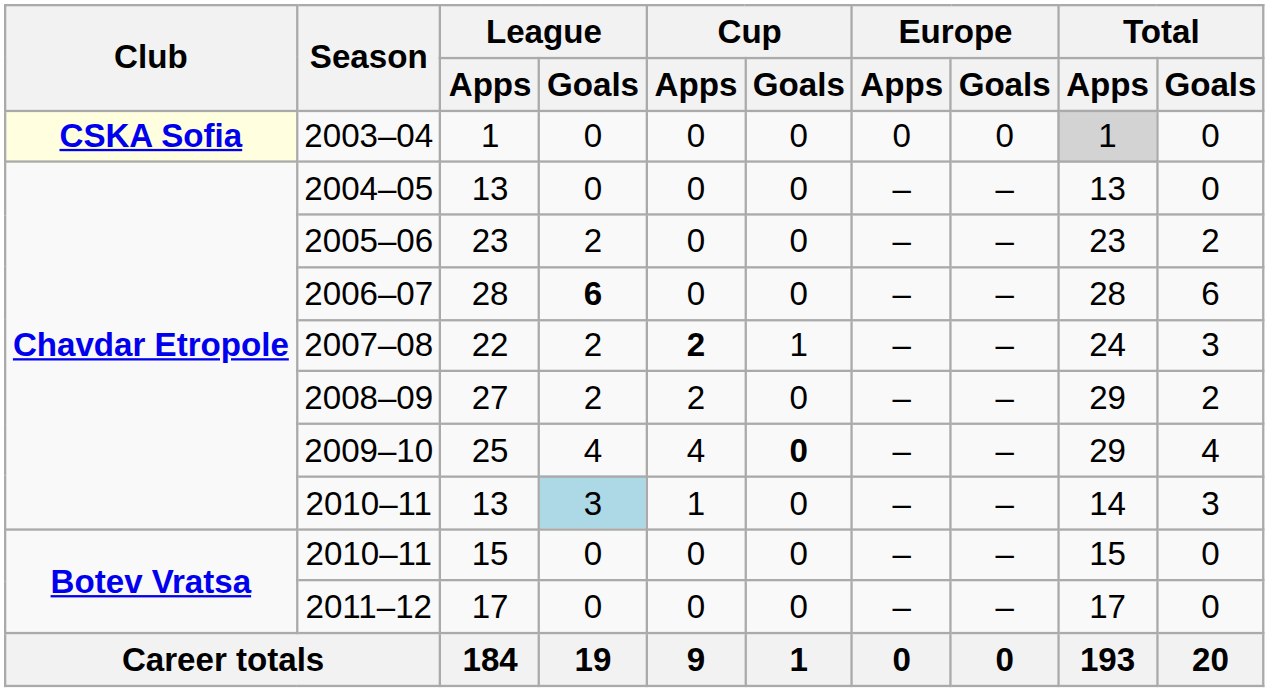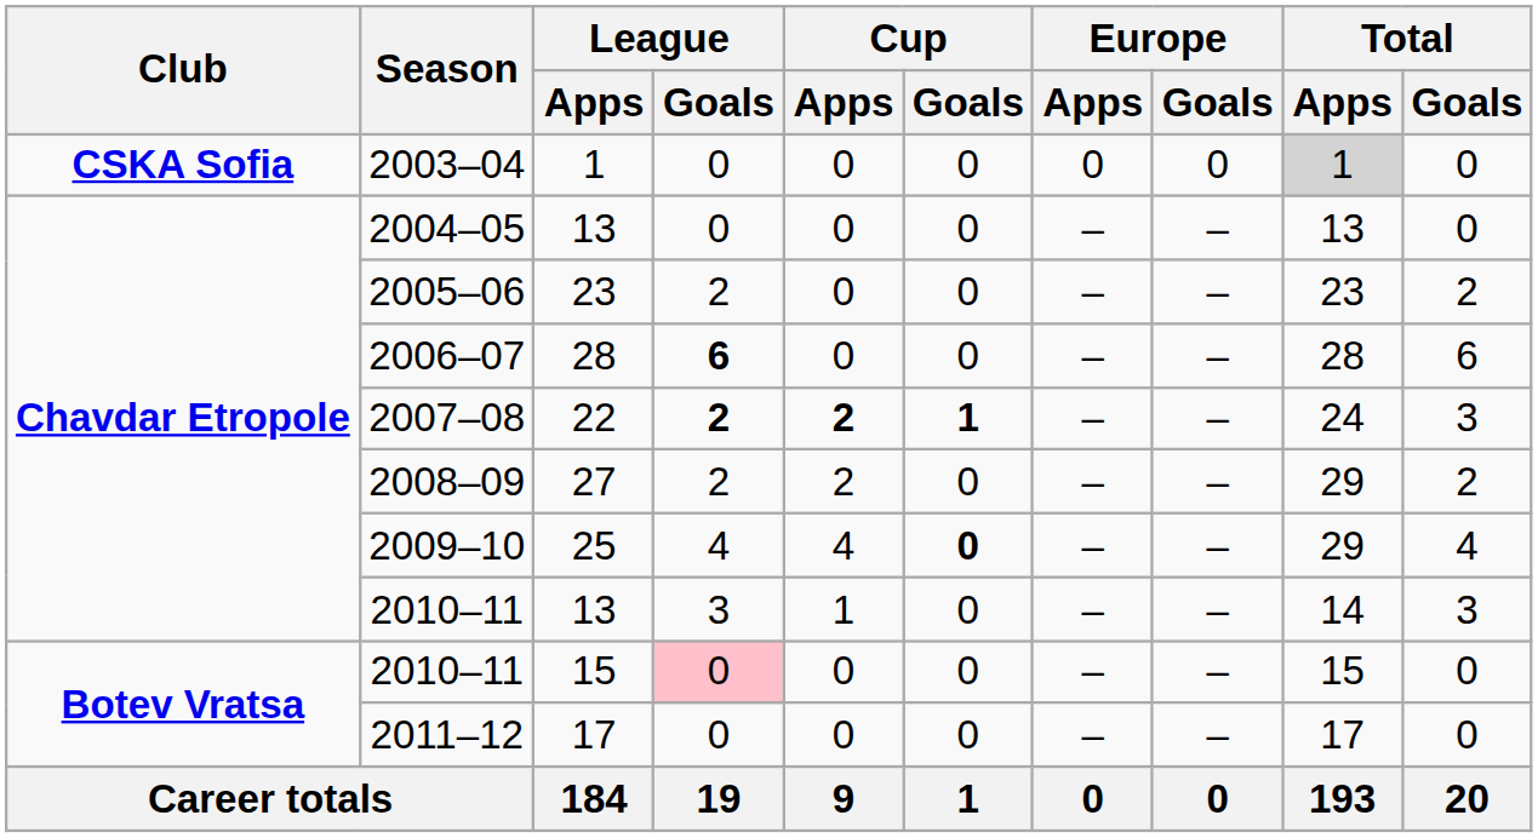 <table class="wikitable" style="font-size:90%; text-align: center;">
 <tr>
 <th rowspan="2">Club</th>
 <th rowspan="2">Season</th>
 <th colspan="2">League</th>
 <th colspan="2">Cup</th>
 <th colspan="2">Europe</th>
 <th colspan="2">Total</th>
 </tr>
 <tr>
 <th>Apps</th>
 <th>Goals</th>
 <th>Apps</th>
 <th>Goals</th>
 <th>Apps</th>
 <th>Goals</th>
 <th>Apps</th>
 <th>Goals</th>
 </tr>
 <tr>
-<td rowspan="1" valign="center" style="background: lightyellow;"><strong><a href='#'>CSKA Sofia</a></strong></td>
+<td rowspan="1" valign="center"><strong><a href='#'>CSKA Sofia</a></strong></td>
 <td>2003–04</td>
 <td>1</td>
 <td>0</td>
 <td>0</td>
 <td>0</td>
 <td>0</td>
 <td>0</td>
 <td style="background: lightgrey;">1</td>
 <td>0</td>
 </tr>
 <tr>
 <td rowspan="7" valign="center"><strong><a href='#'>Chavdar Etropole</a></strong></td>
 <td>2004–05</td>
 <td>13</td>
 <td>0</td>
 <td>0</td>
 <td>0</td>
 <td>–</td>
 <td>–</td>
 <td>13</td>
 <td>0</td>
 </tr>
 <tr>
 <td>2005–06</td>
 <td>23</td>
 <td>2</td>
 <td>0</td>
 <td>0</td>
 <td>–</td>
 <td>–</td>
 <td>23</td>
 <td>2</td>
 </tr>
 <tr>
 <td>2006–07</td>
 <td>28</td>
 <td><strong>6</strong></td>
 <td>0</td>
 <td>0</td>
 <td>–</td>
 <td>–</td>
 <td>28</td>
 <td>6</td>
 </tr>
 <tr>
 <td>2007–08</td>
 <td>22</td>
-<td>2</td>
 <td><strong>2</strong></td>
-<td>1</td>
+<td><strong>2</strong></td>
+<td><strong>1</strong></td>
 <td>–</td>
 <td>–</td>
 <td>24</td>
 <td>3</td>
 </tr>
 <tr>
 <td>2008–09</td>
 <td>27</td>
 <td>2</td>
 <td>2</td>
 <td>0</td>
 <td>–</td>
 <td>–</td>
 <td>29</td>
 <td>2</td>
 </tr>
 <tr>
 <td>2009–10</td>
 <td>25</td>
 <td>4</td>
 <td>4</td>
 <td><strong>0</strong></td>
 <td>–</td>
 <td>–</td>
 <td>29</td>
 <td>4</td>
 </tr>
 <tr>
 <td>2010–11</td>
 <td>13</td>
-<td style="background: lightblue;">3</td>
+<td>3</td>
 <td>1</td>
 <td>0</td>
 <td>–</td>
 <td>–</td>
 <td>14</td>
 <td>3</td>
 </tr>
 <tr>
 <td rowspan="2" valign="center"><strong><a href='#'>Botev Vratsa</a></strong></td>
 <td>2010–11</td>
 <td>15</td>
-<td>0</td>
+<td style="background: pink;">0</td>
 <td>0</td>
 <td>0</td>
 <td>–</td>
 <td>–</td>
 <td>15</td>
 <td>0</td>
 </tr>
 <tr>
 <td>2011–12</td>
 <td>17</td>
 <td>0</td>
 <td>0</td>
 <td>0</td>
 <td>–</td>
 <td>–</td>
 <td>17</td>
 <td>0</td>
 </tr>
 <tr>
 <th colspan="2">Career totals</th>
 <th>184</th>
 <th>19</th>
 <th>9</th>
 <th>1</th>
 <th>0</th>
 <th>0</th>
 <th>193</th>
 <th>20</th>
 </tr>
 </table>
